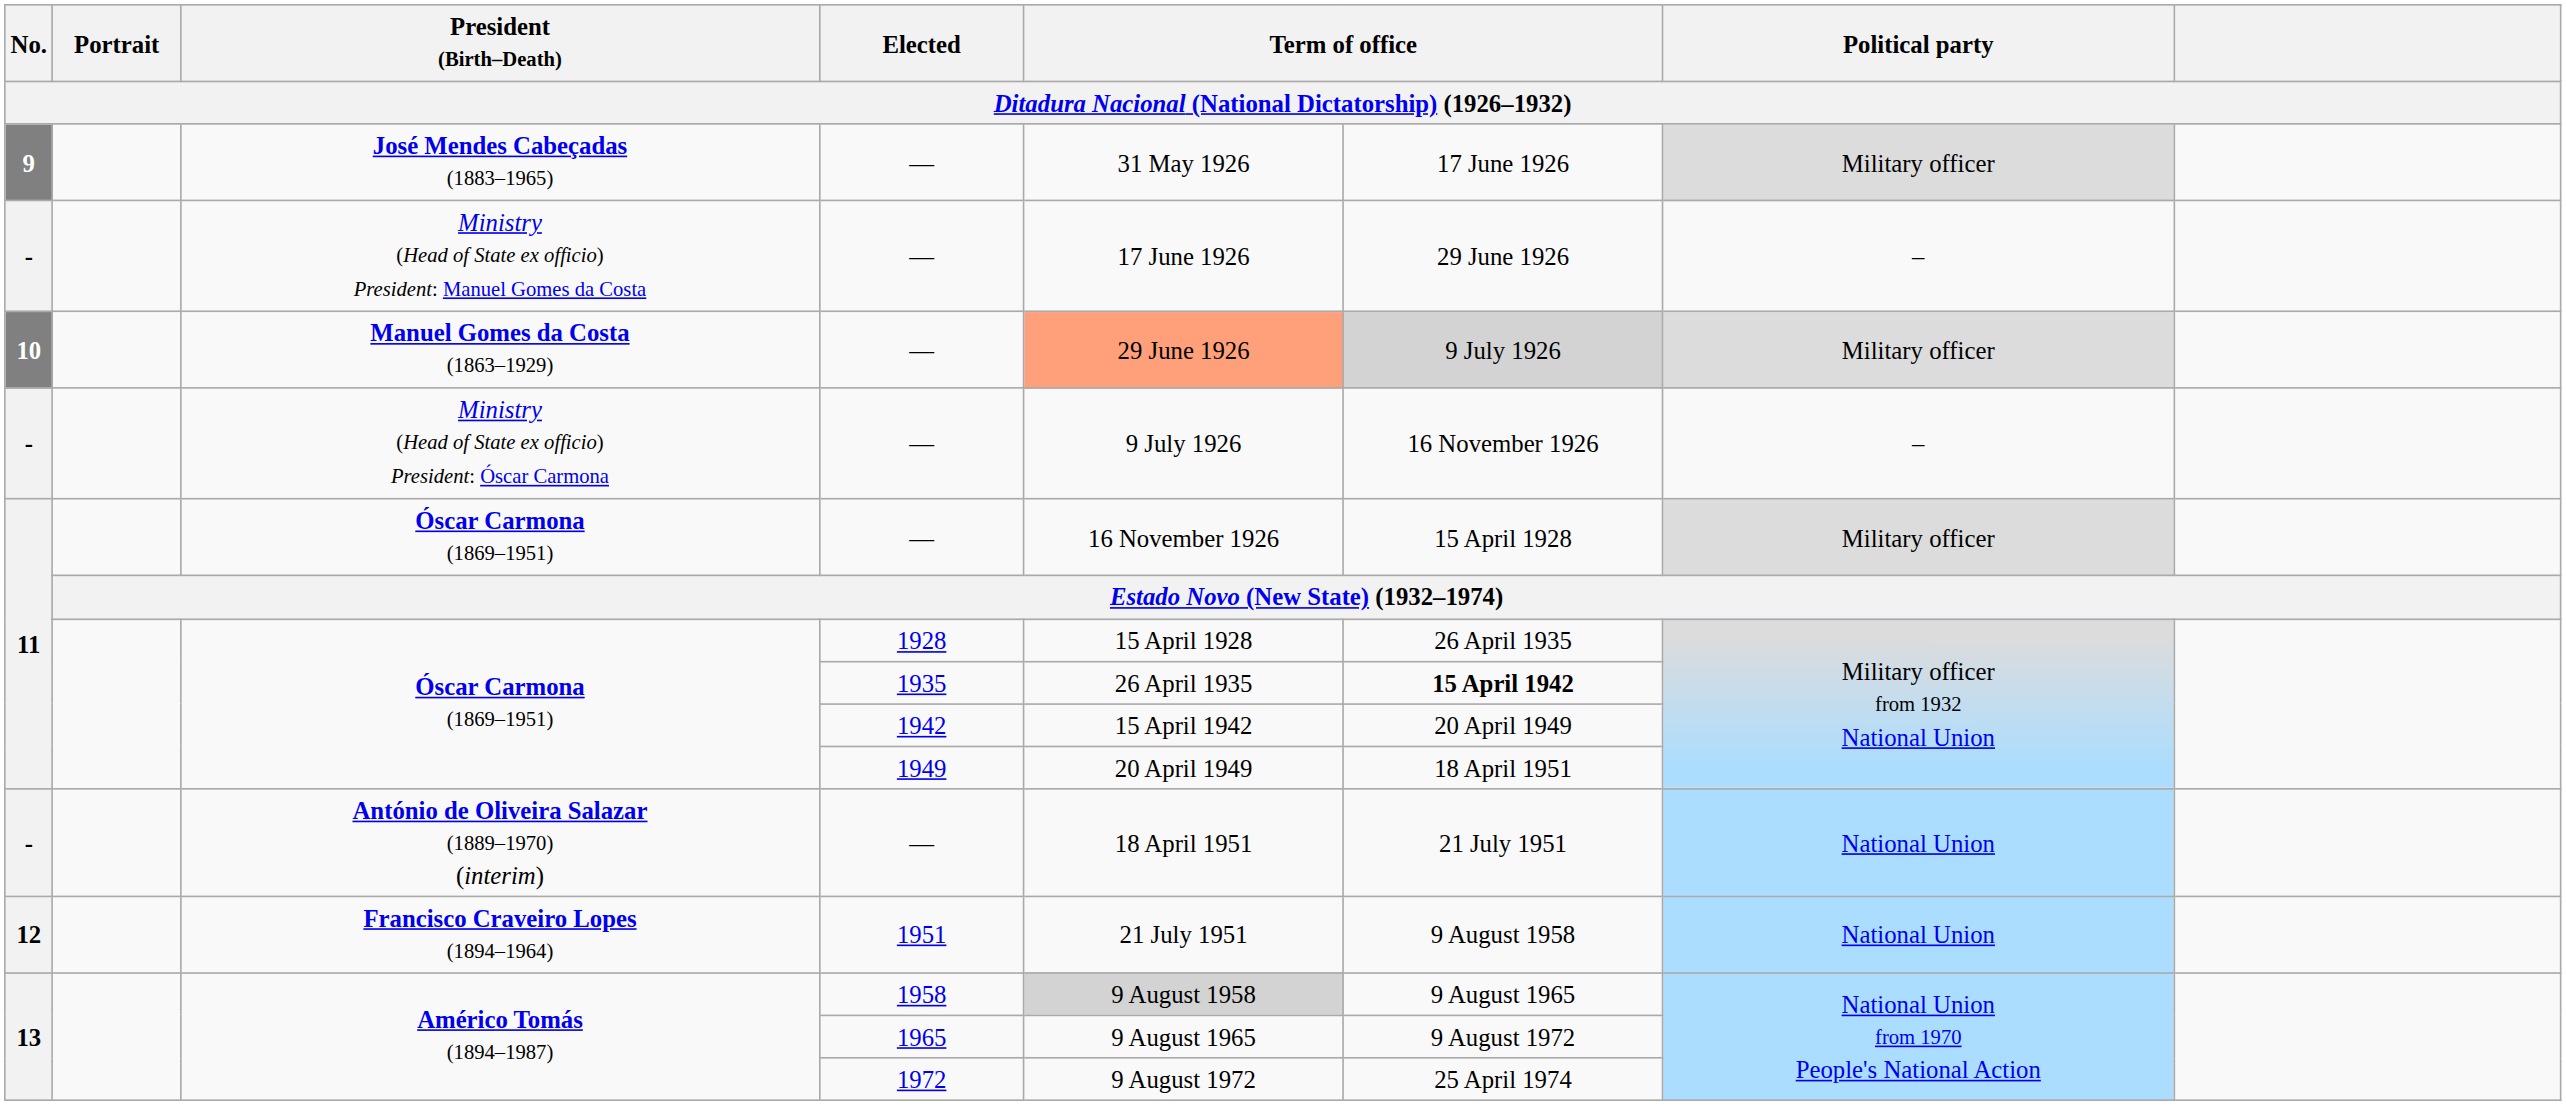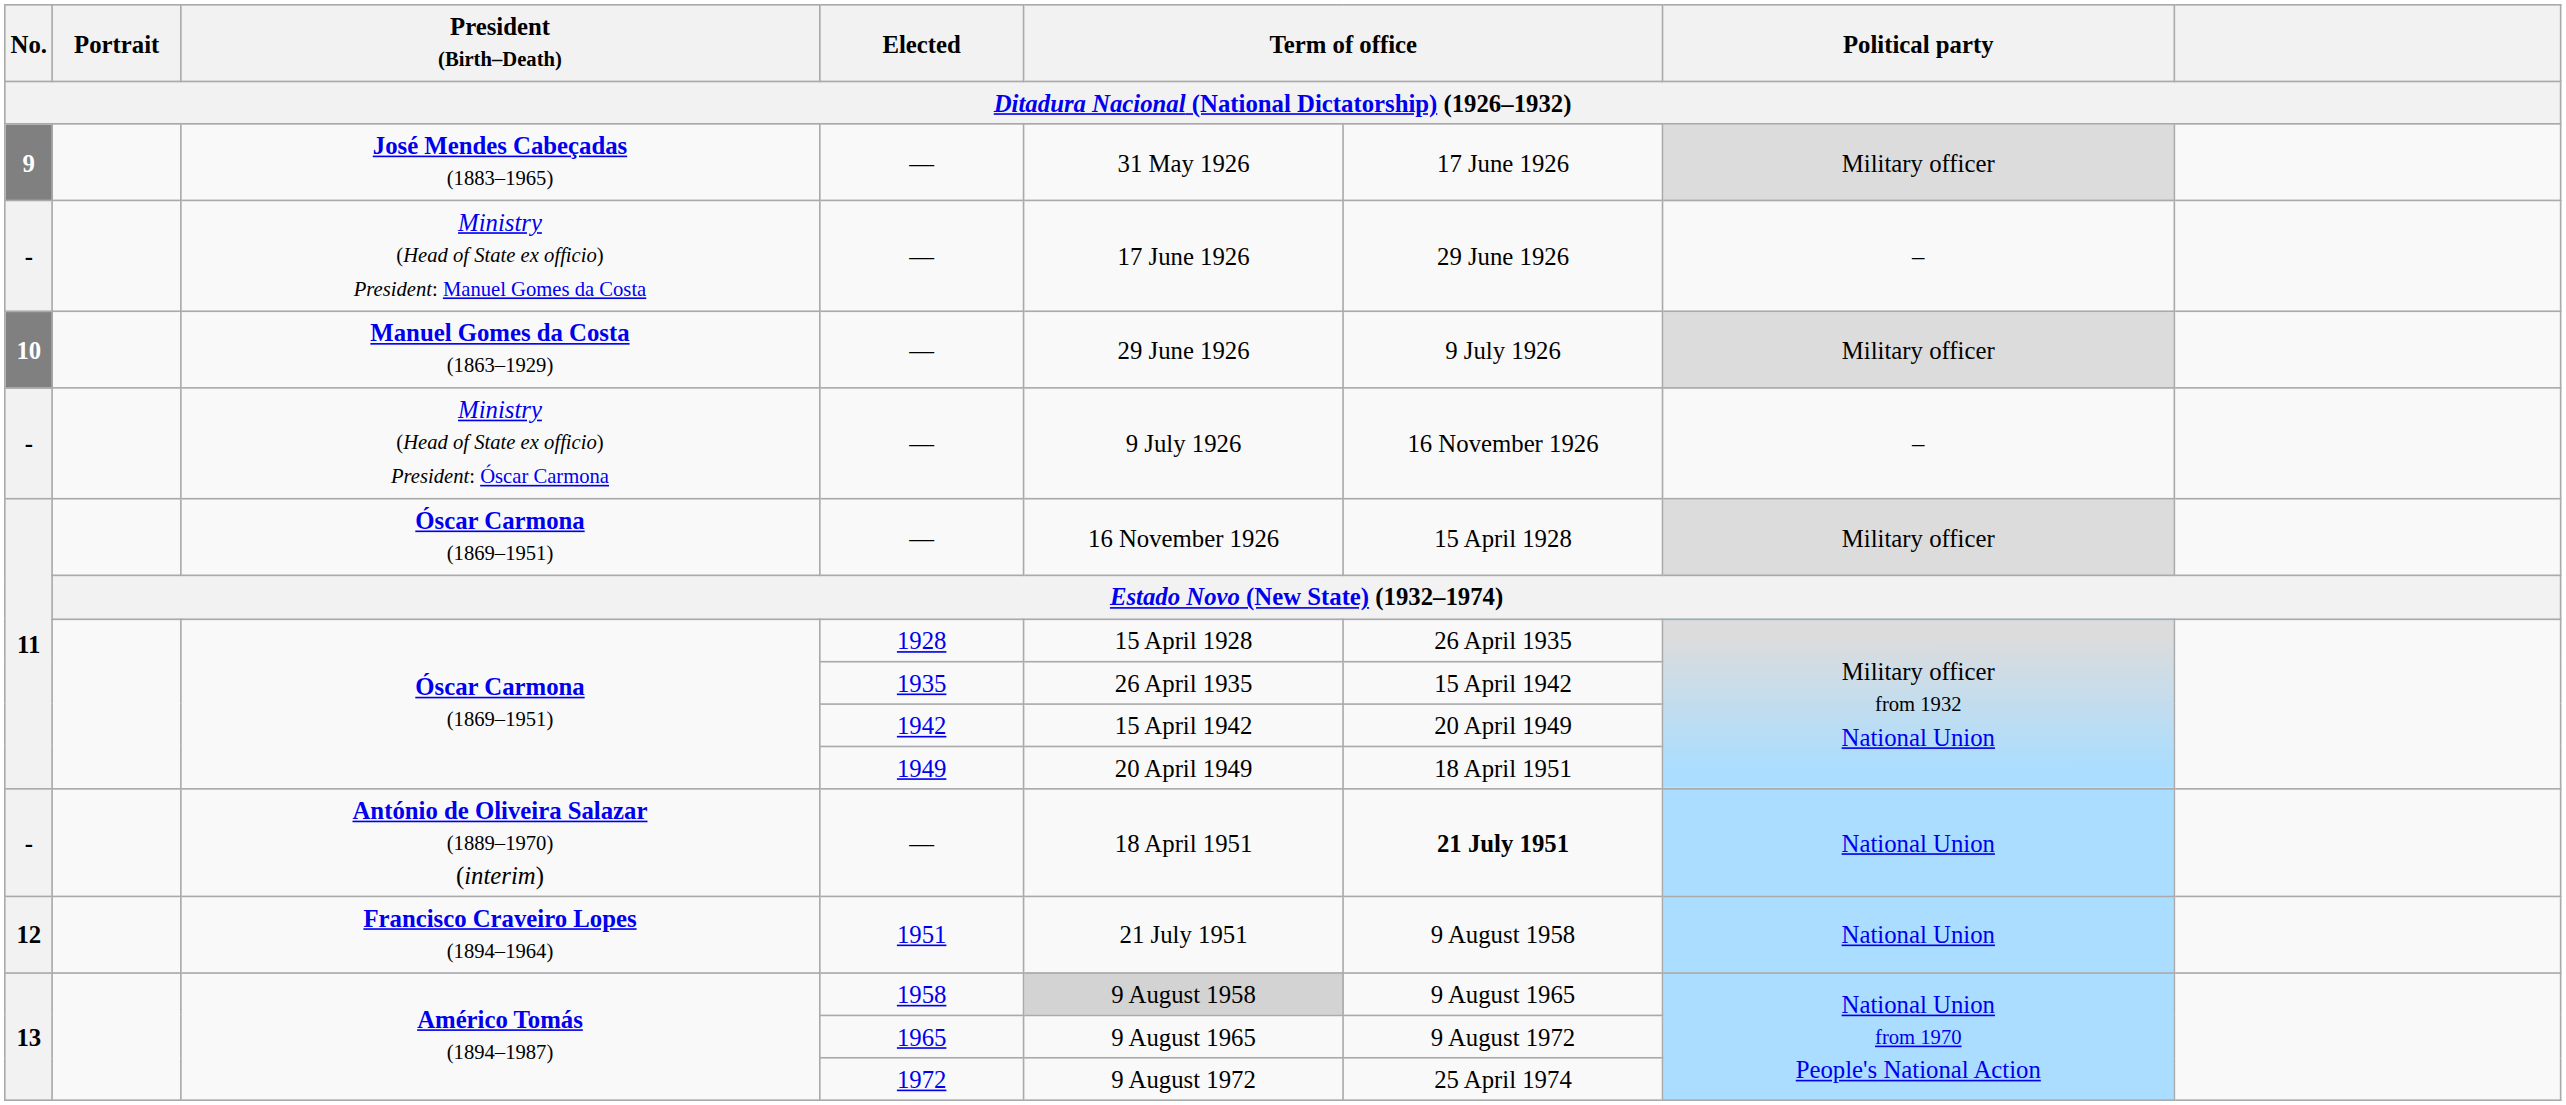 <table class="wikitable" style="text-align:center; font-size:95%; width=100%; line-height:19px;">
 <tr>
 <th width=1%>No.</th>
 <th width="5%">Portrait</th>
 <th width="25%">President<br><small>(Birth–Death)</small></th>
 <th width=8%>Elected</th>
 <th colspan="2" width=25%>Term of office</th>
 <th width=20%>Political party</th>
 <th scope="col"></th>
 </tr>
 <tr style="background:#cccccc">
 <th colspan=8><a href='#'><em>Ditadura Nacional</em> (National Dictatorship)</a> (1926–1932)</th>
 </tr>
 <tr>
 <th style="background:gray; color:white;">9</th>
 <td></td>
 <td><strong><a href='#'>José Mendes Cabeçadas</a></strong><br><small>(1883–1965)</small></td>
 <td>—</td>
 <td>31 May 1926</td>
 <td>17 June 1926</td>
 <td bgcolor=#DCDCDC>Military officer</td>
 <td></td>
 </tr>
 <tr>
 <th>-</th>
 <td></td>
 <td><em><a href='#'>Ministry</a></em><br><small>(<em>Head of State ex officio</em>)<br><em>President</em>: <a href='#'>Manuel Gomes da Costa</a></small></td>
 <td>—</td>
 <td>17 June 1926</td>
 <td>29 June 1926</td>
 <td>–</td>
 <td></td>
 </tr>
 <tr>
 <th style="background:gray; color:white;">10</th>
 <td></td>
 <td><strong><a href='#'>Manuel Gomes da Costa</a></strong><br><small>(1863–1929)</small></td>
 <td>—</td>
-<td style="background: lightsalmon;">29 June 1926</td>
-<td style="background: lightgrey;">9 July 1926</td>
+<td>29 June 1926</td>
+<td>9 July 1926</td>
 <td bgcolor=#DCDCDC>Military officer</td>
 <td></td>
 </tr>
 <tr>
 <th>-</th>
 <td></td>
 <td><em><a href='#'>Ministry</a></em><br><small>(<em>Head of State ex officio</em>)<br><em>President</em>: <a href='#'>Óscar Carmona</a></small></td>
 <td>—</td>
 <td>9 July 1926</td>
 <td>16 November 1926</td>
 <td>–</td>
 <td></td>
 </tr>
 <tr>
 <th rowspan="6" style="background: linear-gradient(gray 59%, ">11</th>
 <td></td>
 <td><strong><a href='#'>Óscar Carmona</a></strong><br><small>(1869–1951)</small></td>
 <td>—</td>
 <td>16 November 1926</td>
 <td>15 April 1928</td>
 <td bgcolor=#DCDCDC>Military officer</td>
 <td></td>
 </tr>
 <tr style="background:#cccccc">
 <th colspan=8><a href='#'><em>Estado Novo</em> (New State)</a> (1932–1974)</th>
 </tr>
 <tr>
 <td rowspan="4"></td>
 <td rowspan="4"><strong><a href='#'>Óscar Carmona</a></strong><br><small>(1869–1951)</small></td>
 <td><a href='#'>1928</a></td>
 <td>15 April 1928</td>
 <td>26 April 1935</td>
 <td rowspan=4 style="background: linear-gradient(#DCDCDC 10%, #AADDFF 90%); color:black;">Military officer<br><small>from 1932</small><br><a href='#'>National Union</a></td>
 <td rowspan="4"></td>
 </tr>
 <tr>
 <td><a href='#'>1935</a></td>
 <td>26 April 1935</td>
-<td><strong>15 April 1942</strong></td>
+<td>15 April 1942</td>
 </tr>
 <tr>
 <td><a href='#'>1942</a></td>
 <td>15 April 1942</td>
 <td>20 April 1949</td>
 </tr>
 <tr>
 <td><a href='#'>1949</a></td>
 <td>20 April 1949</td>
 <td>18 April 1951</td>
 </tr>
 <tr>
 <th style="background:">-</th>
 <td></td>
 <td><strong><a href='#'>António de Oliveira Salazar</a></strong><br><small>(1889–1970)</small><br>(<em>interim</em>)</td>
 <td>—</td>
 <td>18 April 1951</td>
-<td>21 July 1951</td>
+<td><strong>21 July 1951</strong></td>
 <td style="background:#adf"><a href='#'>National Union</a></td>
 <td></td>
 </tr>
 <tr>
 <th style="background:">12</th>
 <td></td>
 <td><strong><a href='#'>Francisco Craveiro Lopes</a></strong><br><small>(1894–1964)</small></td>
 <td><a href='#'>1951</a></td>
 <td>21 July 1951</td>
 <td>9 August 1958</td>
 <td style="background:#adf"><a href='#'>National Union</a></td>
 <td></td>
 </tr>
 <tr>
 <th rowspan=3 style="background:">13</th>
 <td rowspan="3"></td>
 <td rowspan="3"><strong><a href='#'>Américo Tomás</a></strong><br><small>(1894–1987)</small></td>
 <td><a href='#'>1958</a></td>
 <td style="background: lightgrey;">9 August 1958</td>
 <td>9 August 1965</td>
 <td rowspan=3 style="background:#adf"><a href='#'>National Union<br><small>from 1970</small><br>People's National Action</a></td>
 <td rowspan="3"></td>
 </tr>
 <tr>
 <td><a href='#'>1965</a></td>
 <td>9 August 1965</td>
 <td>9 August 1972</td>
 </tr>
 <tr>
 <td><a href='#'>1972</a></td>
 <td>9 August 1972</td>
 <td>25 April 1974</td>
 </tr>
 </table>
